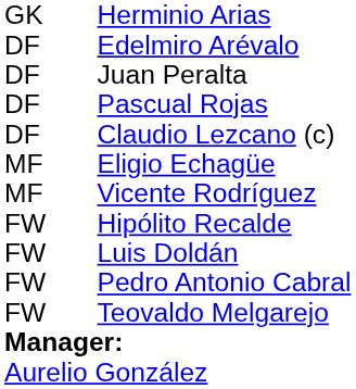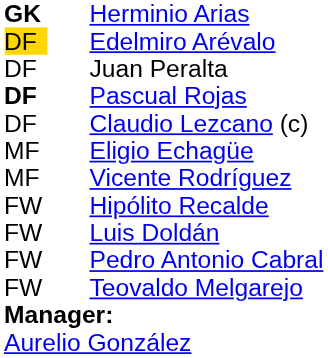 <table style="font-size:90%; margin:0.2em auto;" cellspacing="0" cellpadding="0">
 <tr>
 <th width="25"></th>
 <th width="25"></th>
 </tr>
 <tr>
-<td>GK</td>
+<td><strong>GK</strong></td>
 <td></td>
 <td> <a href='#'>Herminio Arias</a></td>
 </tr>
 <tr>
-<td>DF</td>
+<td style="background: gold;">DF</td>
 <td></td>
 <td> <a href='#'>Edelmiro Arévalo</a></td>
 </tr>
 <tr>
 <td>DF</td>
 <td></td>
 <td> Juan Peralta</td>
 </tr>
 <tr>
-<td>DF</td>
+<td><strong>DF</strong></td>
 <td></td>
 <td> <a href='#'>Pascual Rojas</a></td>
 </tr>
 <tr>
 <td>DF</td>
 <td></td>
 <td> <a href='#'>Claudio Lezcano</a> (c)</td>
 </tr>
 <tr>
 <td>MF</td>
 <td></td>
 <td> <a href='#'>Eligio Echagüe</a></td>
 </tr>
 <tr>
 <td>MF</td>
 <td></td>
 <td> <a href='#'>Vicente Rodríguez</a></td>
 </tr>
 <tr>
 <td>FW</td>
 <td></td>
 <td> <a href='#'>Hipólito Recalde</a></td>
 </tr>
 <tr>
 <td>FW</td>
 <td></td>
 <td> <a href='#'>Luis Doldán</a></td>
 </tr>
 <tr>
 <td>FW</td>
 <td></td>
 <td> <a href='#'>Pedro Antonio Cabral</a></td>
 </tr>
 <tr>
 <td>FW</td>
 <td></td>
 <td> <a href='#'>Teovaldo Melgarejo</a></td>
 </tr>
 <tr>
 <td colspan=3><strong>Manager:</strong></td>
 </tr>
 <tr>
 <td colspan=4> <a href='#'>Aurelio González</a></td>
 </tr>
 </table>
